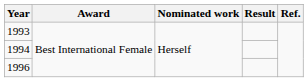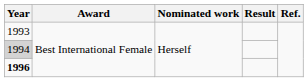 <table class="wikitable plainrowheaders">
 <tr>
 <th>Year</th>
 <th>Award</th>
 <th>Nominated work</th>
 <th>Result</th>
 <th>Ref.</th>
 </tr>
 <tr>
 <td>1993</td>
 <td rowspan="3">Best International Female</td>
 <td rowspan="3">Herself</td>
 <td></td>
 <td align="center" rowspan="3"></td>
 </tr>
 <tr>
-<td>1994</td>
+<td style="background: lightgrey;">1994</td>
 <td></td>
 </tr>
 <tr>
-<td>1996</td>
+<td><strong>1996</strong></td>
 <td></td>
 </tr>
 </table>
